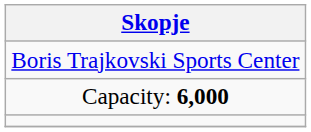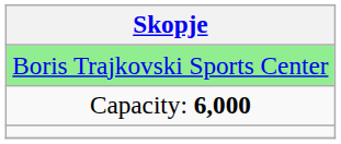 <table class="wikitable" style="text-align:center; margin:1em auto;">
 <tr>
 <th><a href='#'>Skopje</a></th>
 </tr>
 <tr>
-<td><a href='#'>Boris Trajkovski Sports Center</a></td>
+<td style="background: lightgreen;"><a href='#'>Boris Trajkovski Sports Center</a></td>
 </tr>
 <tr>
 <td>Capacity: <strong>6,000</strong></td>
 </tr>
 <tr>
 <td></td>
 </tr>
 <tr>
 </tr>
 </table>
